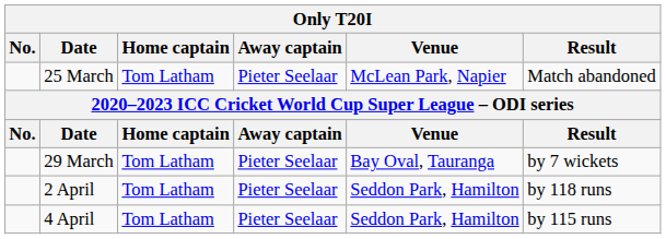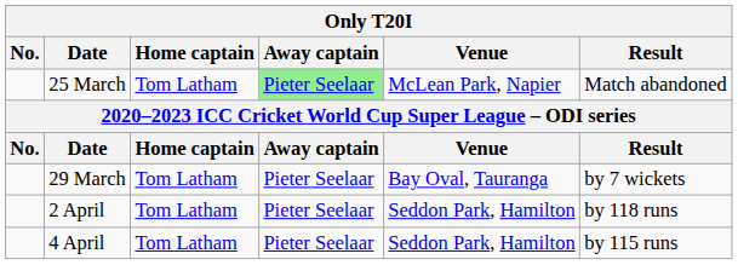 <table class="wikitable">
 <tr>
 <th colspan="9">Only T20I</th>
 </tr>
 <tr>
 <th>No.</th>
 <th>Date</th>
 <th>Home captain</th>
 <th>Away captain</th>
 <th>Venue</th>
 <th>Result</th>
 </tr>
 <tr>
 <td></td>
 <td>25 March</td>
 <td><a href='#'>Tom Latham</a></td>
-<td><a href='#'>Pieter Seelaar</a></td>
+<td style="background: lightgreen;"><a href='#'>Pieter Seelaar</a></td>
 <td><a href='#'>McLean Park</a>, <a href='#'>Napier</a></td>
 <td>Match abandoned</td>
 </tr>
 <tr>
 <th colspan="9"><a href='#'>2020–2023 ICC Cricket World Cup Super League</a> – ODI series</th>
 </tr>
 <tr>
 <th>No.</th>
 <th>Date</th>
 <th>Home captain</th>
 <th>Away captain</th>
 <th>Venue</th>
 <th>Result</th>
 </tr>
 <tr>
 <td></td>
 <td>29 March</td>
 <td><a href='#'>Tom Latham</a></td>
 <td><a href='#'>Pieter Seelaar</a></td>
 <td><a href='#'>Bay Oval</a>, <a href='#'>Tauranga</a></td>
 <td> by 7 wickets</td>
 </tr>
 <tr>
 <td></td>
 <td>2 April</td>
 <td><a href='#'>Tom Latham</a></td>
 <td><a href='#'>Pieter Seelaar</a></td>
 <td><a href='#'>Seddon Park</a>, <a href='#'>Hamilton</a></td>
 <td> by 118 runs</td>
 </tr>
 <tr>
 <td></td>
 <td>4 April</td>
 <td><a href='#'>Tom Latham</a></td>
 <td><a href='#'>Pieter Seelaar</a></td>
 <td><a href='#'>Seddon Park</a>, <a href='#'>Hamilton</a></td>
 <td> by 115 runs</td>
 </tr>
 </table>
